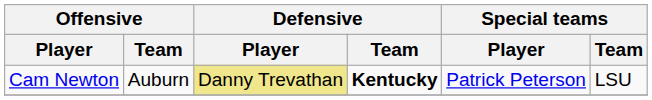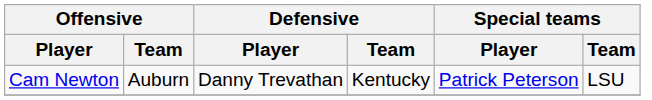 <table class="wikitable" border="1">
 <tr>
 <th colspan="2">Offensive</th>
 <th colspan="2">Defensive</th>
 <th colspan="2">Special teams</th>
 </tr>
 <tr>
 <th>Player</th>
 <th>Team</th>
 <th>Player</th>
 <th>Team</th>
 <th>Player</th>
 <th>Team</th>
 </tr>
 <tr>
 <td><a href='#'>Cam Newton</a></td>
 <td>Auburn</td>
-<td style="background: khaki;">Danny Trevathan</td>
-<td><strong>Kentucky</strong></td>
+<td>Danny Trevathan</td>
+<td>Kentucky</td>
 <td><a href='#'>Patrick Peterson</a></td>
 <td>LSU</td>
 </tr>
 <tr>
 </tr>
 </table>
